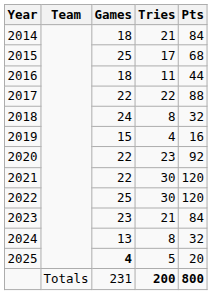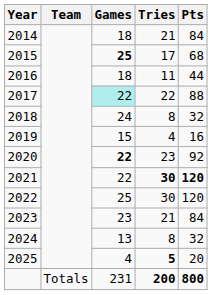 <table class="wikitable">
 <tr>
 <th>Year</th>
 <th>Team</th>
 <th>Games</th>
 <th>Tries</th>
 <th>Pts</th>
 </tr>
 <tr>
 <td>2014</td>
 <td rowspan="12"></td>
 <td align="right">18</td>
 <td align="right">21</td>
 <td align="right">84</td>
 </tr>
 <tr>
 <td>2015</td>
-<td align="right">25</td>
+<td align="right"><strong>25</strong></td>
 <td align="right">17</td>
 <td align="right">68</td>
 </tr>
 <tr>
 <td>2016</td>
 <td align="right">18</td>
 <td align="right">11</td>
 <td align="right">44</td>
 </tr>
 <tr>
 <td>2017</td>
-<td align="right">22</td>
+<td align="right" style="background: paleturquoise;">22</td>
 <td align="right">22</td>
 <td align="right">88</td>
 </tr>
 <tr>
 <td>2018</td>
 <td align="right">24</td>
 <td align="right">8</td>
 <td align="right">32</td>
 </tr>
 <tr>
 <td>2019</td>
 <td align="right">15</td>
 <td align="right">4</td>
 <td align="right">16</td>
 </tr>
 <tr>
 <td>2020</td>
-<td align="right">22</td>
+<td align="right"><strong>22</strong></td>
 <td align="right">23</td>
 <td align="right">92</td>
 </tr>
 <tr>
 <td>2021</td>
 <td align="right">22</td>
-<td align="right">30</td>
-<td align="right">120</td>
+<td align="right"><strong>30</strong></td>
+<td align="right"><strong>120</strong></td>
 </tr>
 <tr>
 <td>2022</td>
 <td align="right">25</td>
 <td align="right">30</td>
 <td align="right">120</td>
 </tr>
 <tr>
 <td>2023</td>
 <td align="right">23</td>
 <td align="right">21</td>
 <td align="right">84</td>
 </tr>
 <tr>
 <td>2024</td>
 <td align="right">13</td>
 <td align="right">8</td>
 <td align="right">32</td>
 </tr>
 <tr>
 <td>2025</td>
-<td align="right"><strong>4</strong></td>
-<td align="right">5</td>
+<td align="right">4</td>
+<td align="right"><strong>5</strong></td>
 <td align="right">20</td>
 </tr>
 <tr>
 <td></td>
 <td>Totals</td>
 <td align="right">231</td>
 <td align="right"><strong>200</strong></td>
 <td align="right"><strong>800</strong></td>
 </tr>
 </table>
